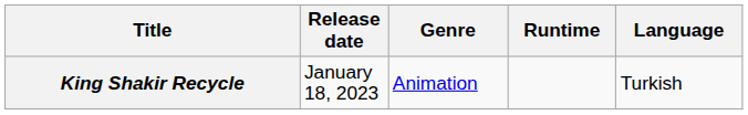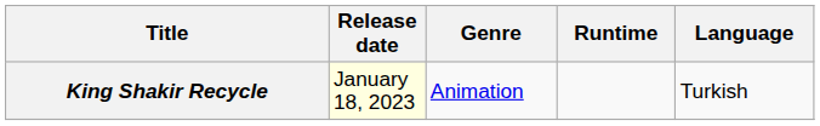 <table class="wikitable plainrowheaders sortable" style="width:99%;">
 <tr>
 <th scope="col" style="width:40%;">Title</th>
 <th scope="col" style="width:12%;">Release date</th>
 <th>Genre</th>
 <th>Runtime</th>
 <th>Language</th>
 </tr>
 <tr>
 <th scope="row"><em>King Shakir Recycle</em></th>
-<td>January 18, 2023</td>
+<td style="background: lightyellow;">January 18, 2023</td>
 <td><a href='#'>Animation</a></td>
 <td></td>
 <td>Turkish</td>
 </tr>
 <tr>
 </tr>
 </table>
